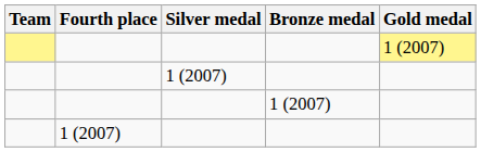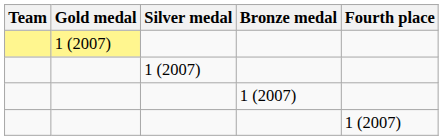 <table class="wikitable sortable">
 <tr>
 <th>Team</th>
-<th>Fourth place</th>
+<th>Gold medal</th>
 <th>Silver medal</th>
 <th>Bronze medal</th>
-<th>Gold medal</th>
+<th>Fourth place</th>
 </tr>
 <tr>
 <td bgcolor=#FFF68F></td>
+<td bgcolor=#FFF68F>1 (2007)</td>
 <td></td>
 <td></td>
 <td></td>
-<td bgcolor=#FFF68F>1 (2007)</td>
 </tr>
 <tr>
 <td></td>
 <td></td>
 <td>1 (2007)</td>
 <td></td>
 <td></td>
 </tr>
 <tr>
 <td></td>
 <td></td>
 <td></td>
 <td>1 (2007)</td>
 <td></td>
 </tr>
 <tr>
 <td></td>
-<td>1 (2007)</td>
 <td></td>
 <td></td>
 <td></td>
+<td>1 (2007)</td>
 </tr>
 </table>
